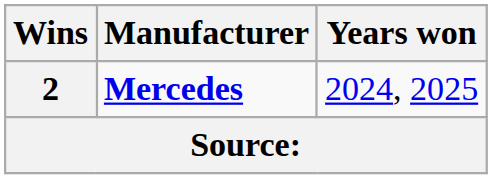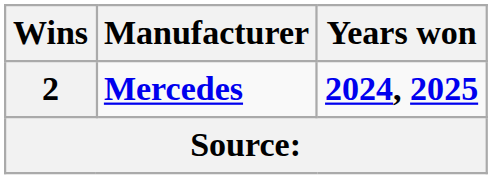 <table class="wikitable" style="font-size: 95%;">
 <tr>
 <th>Wins</th>
 <th>Manufacturer</th>
 <th>Years won</th>
 </tr>
 <tr>
 <th>2</th>
 <td> <strong><a href='#'>Mercedes</a></strong></td>
-<td><a href='#'>2024</a>, <a href='#'>2025</a></td>
+<td><strong><a href='#'>2024</a>, <a href='#'>2025</a></strong></td>
 </tr>
 <tr>
 <th colspan=3>Source:</th>
 </tr>
 </table>
